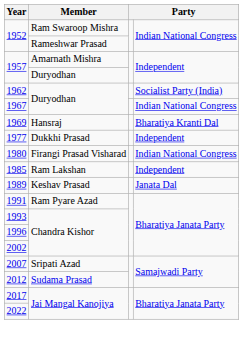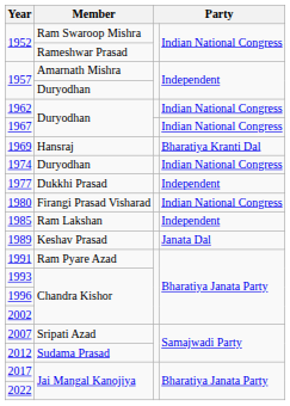 <table class="wikitable">
 <tr>
 <th>Year</th>
 <th>Member</th>
 <th colspan="2">Party</th>
 </tr>
 <tr>
 <td rowspan="2"><a href='#'>1952</a></td>
 <td>Ram Swaroop Mishra</td>
 <td rowspan="2" style="background-color: "></td>
 <td rowspan="2"><a href='#'>Indian National Congress</a></td>
 </tr>
 <tr>
 <td>Rameshwar Prasad</td>
 </tr>
 <tr>
 <td rowspan="2"><a href='#'>1957</a></td>
 <td>Amarnath Mishra</td>
 <td rowspan="2" style="background-color: "></td>
 <td rowspan="2"><a href='#'>Independent</a></td>
 </tr>
 <tr>
 <td>Duryodhan</td>
 </tr>
 <tr>
 <td><a href='#'>1962</a></td>
 <td rowspan="2">Duryodhan</td>
 <td style="background-color: "></td>
-<td><a href='#'>Socialist Party (India)</a></td>
+<td><a href='#'>Indian National Congress</a></td>
 </tr>
 <tr>
 <td><a href='#'>1967</a></td>
 <td style="background-color: "></td>
 <td><a href='#'>Indian National Congress</a></td>
 </tr>
 <tr>
 <td><a href='#'>1969</a></td>
 <td>Hansraj</td>
 <td style="background-color: "></td>
 <td><a href='#'>Bharatiya Kranti Dal</a></td>
+</tr>
+<tr>
+<td><a href='#'>1974</a></td>
+<td>Duryodhan</td>
+<td style="background-color: "></td>
+<td><a href='#'>Indian National Congress</a></td>
 </tr>
 <tr>
 <td><a href='#'>1977</a></td>
 <td>Dukkhi Prasad</td>
 <td style="background-color: "></td>
 <td><a href='#'>Independent</a></td>
 </tr>
 <tr>
 <td><a href='#'>1980</a></td>
 <td>Firangi Prasad Visharad</td>
 <td style="background-color: "></td>
 <td><a href='#'>Indian National Congress</a></td>
 </tr>
 <tr>
 <td><a href='#'>1985</a></td>
 <td>Ram Lakshan</td>
 <td style="background-color: "></td>
 <td><a href='#'>Independent</a></td>
 </tr>
 <tr>
 <td><a href='#'>1989</a></td>
 <td>Keshav Prasad</td>
 <td style="background-color: "></td>
 <td><a href='#'>Janata Dal</a></td>
 </tr>
 <tr>
 <td><a href='#'>1991</a></td>
 <td>Ram Pyare Azad</td>
 <td rowspan="4" style="background-color: "></td>
 <td rowspan="4"><a href='#'>Bharatiya Janata Party</a></td>
 </tr>
 <tr>
 <td><a href='#'>1993</a></td>
 <td rowspan="3">Chandra Kishor</td>
 </tr>
 <tr>
 <td><a href='#'>1996</a></td>
 </tr>
 <tr>
 <td><a href='#'>2002</a></td>
 </tr>
 <tr>
 <td><a href='#'>2007</a></td>
 <td>Sripati Azad</td>
 <td rowspan="2" style="background-color: "></td>
 <td rowspan="2"><a href='#'>Samajwadi Party</a></td>
 </tr>
 <tr>
 <td><a href='#'>2012</a></td>
 <td><a href='#'>Sudama Prasad</a></td>
 </tr>
 <tr>
 <td><a href='#'>2017</a></td>
 <td rowspan="2"><a href='#'>Jai Mangal Kanojiya</a></td>
 <td rowspan="2" style="background-color: "></td>
 <td rowspan="2"><a href='#'>Bharatiya Janata Party</a></td>
 </tr>
 <tr>
 <td><a href='#'>2022</a></td>
 </tr>
 </table>
